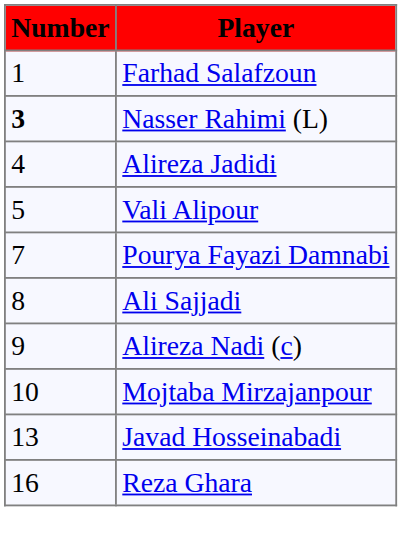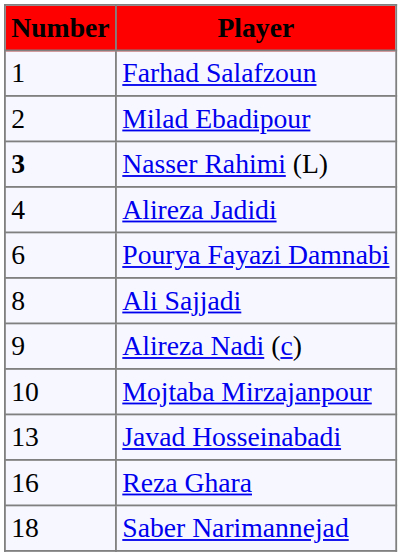 <table bgcolor="#f7f8ff" cellpadding="3" cellspacing="0" border="1" style="font-size: 95%; border: gray solid 1px; border-collapse: collapse;">
 <tr bgcolor="#ff0000">
 <td align=center><strong>Number</strong></td>
 <td align=center><strong>Player</strong></td>
 </tr>
 <tr align="left">
 <td>1</td>
 <td> <a href='#'>Farhad Salafzoun</a></td>
+</tr>
+<tr align=left>
+<td>2</td>
+<td> <a href='#'>Milad Ebadipour</a></td>
 </tr>
 <tr align="left">
 <td><strong>3</strong></td>
 <td> <a href='#'>Nasser Rahimi</a> (L)</td>
 </tr>
 <tr align="left">
 <td>4</td>
 <td> <a href='#'>Alireza Jadidi</a></td>
 </tr>
 <tr align="left">
-<td>5</td>
-<td> <a href='#'>Vali Alipour</a></td>
-</tr>
-<tr align="left">
-<td>7</td>
+<td>6</td>
 <td> <a href='#'>Pourya Fayazi Damnabi</a></td>
 </tr>
 <tr align="left">
 <td>8</td>
 <td> <a href='#'>Ali Sajjadi</a></td>
 </tr>
 <tr align="left">
 <td>9</td>
 <td> <a href='#'>Alireza Nadi</a> (<a href='#'>c</a>)</td>
 </tr>
 <tr align="left">
 <td>10</td>
 <td> <a href='#'>Mojtaba Mirzajanpour</a></td>
 </tr>
 <tr align="left">
 <td>13</td>
 <td> <a href='#'>Javad Hosseinabadi</a></td>
 </tr>
 <tr align="left">
 <td>16</td>
 <td> <a href='#'>Reza Ghara</a></td>
 </tr>
+<tr align="left">
+<td>18</td>
+<td> <a href='#'>Saber Narimannejad</a></td>
+</tr>
 </table>
